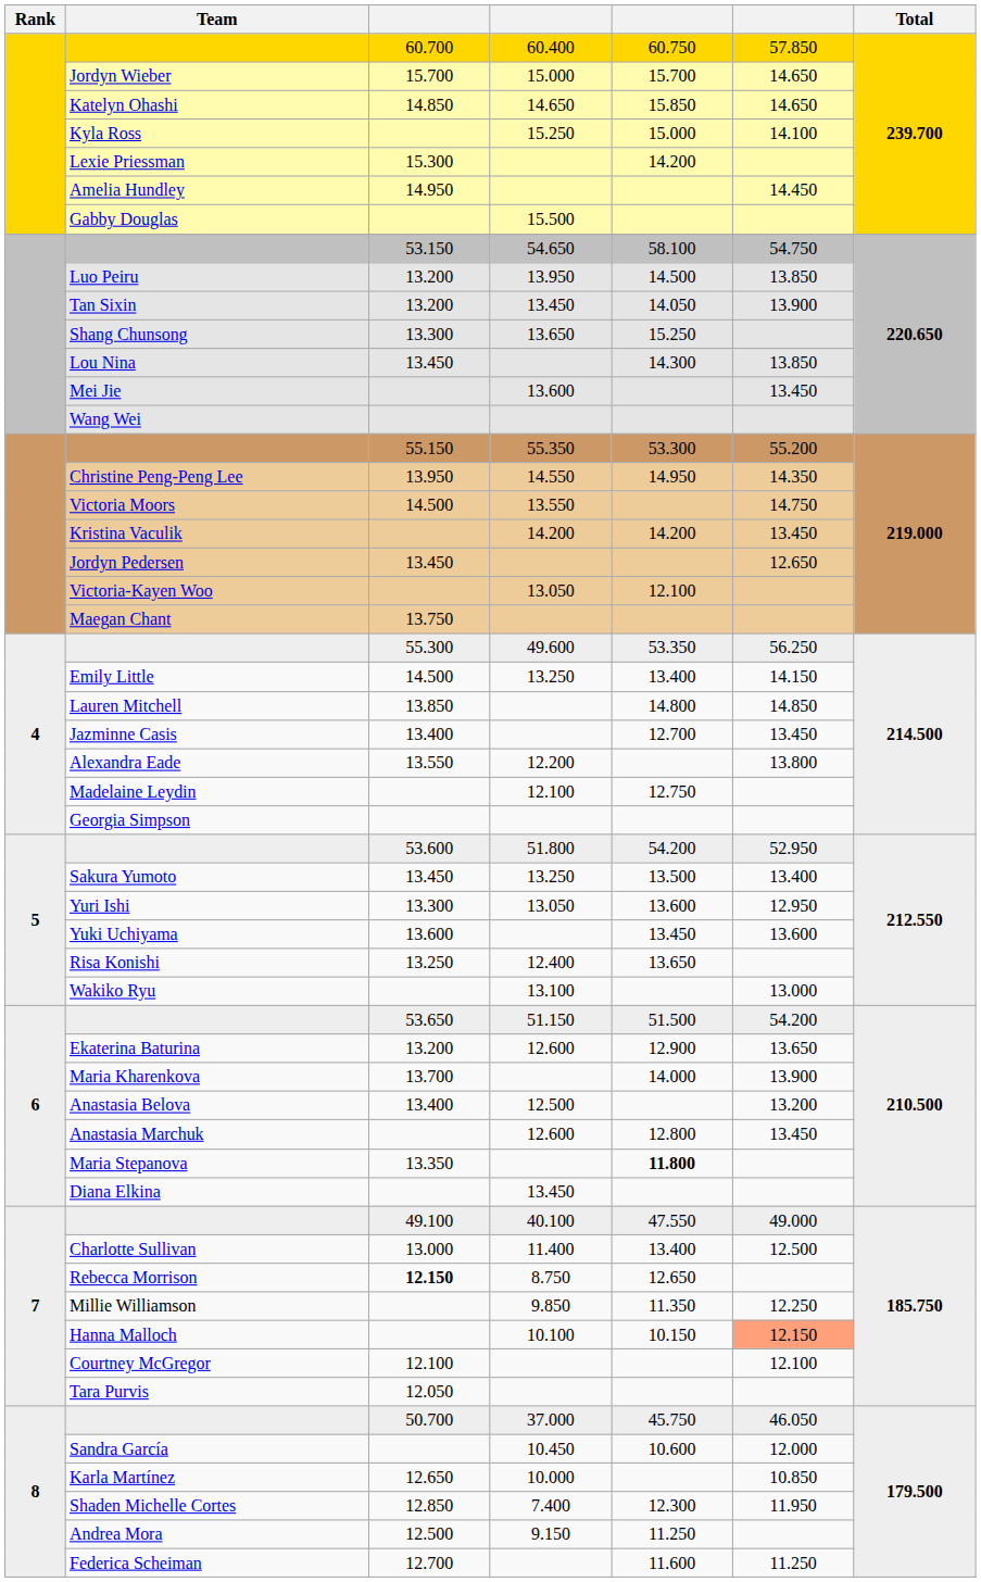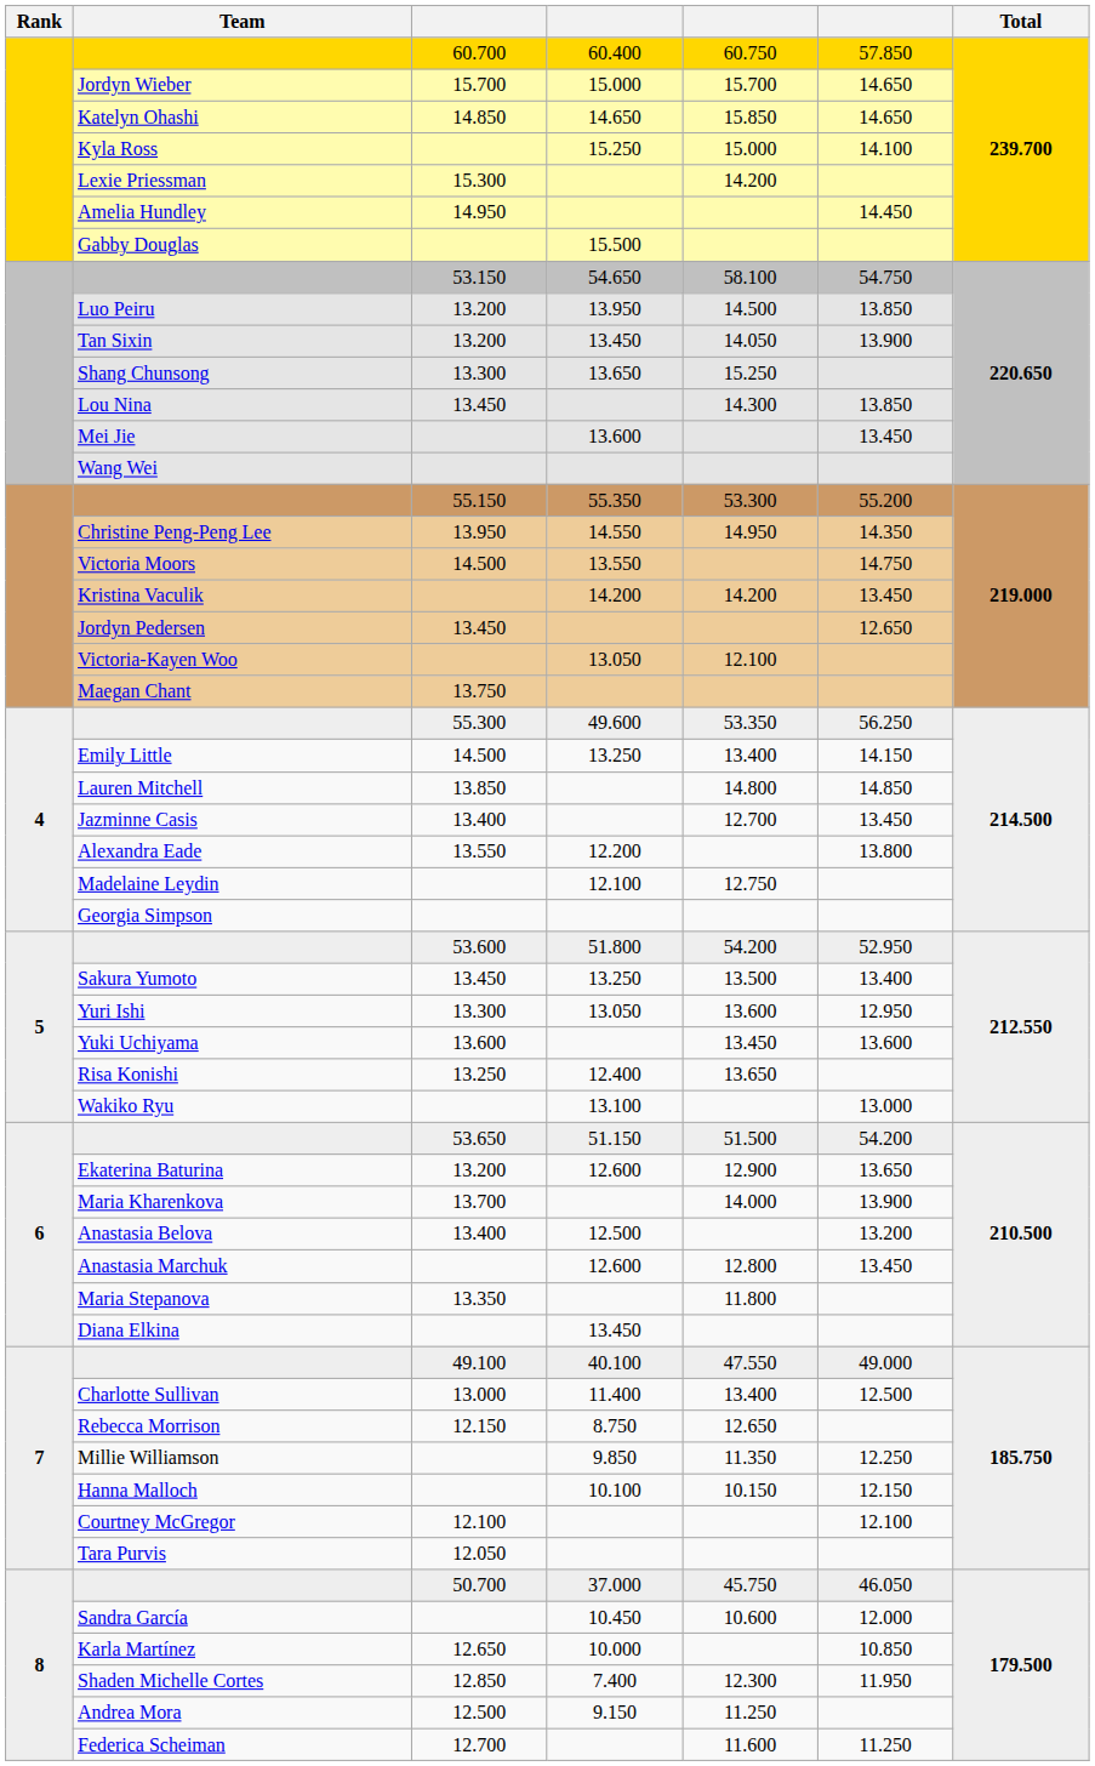 <table class="wikitable" style="text-align:center; font-size:95%">
 <tr>
 <th width="5%">Rank</th>
 <th width="25%">Team</th>
 <th width="10%"></th>
 <th width="10%"></th>
 <th width="10%"></th>
 <th width="10%"></th>
 <th width="10%">Total</th>
 </tr>
 <tr bgcolor=gold>
 <td rowspan=7></td>
 <td align="left"><strong></strong></td>
 <td>60.700</td>
 <td>60.400</td>
 <td>60.750</td>
 <td>57.850</td>
 <td rowspan=7><strong>239.700</strong></td>
 </tr>
 <tr bgcolor=fffcaf>
 <td align="left"><a href='#'>Jordyn Wieber</a></td>
 <td>15.700</td>
 <td>15.000</td>
 <td>15.700</td>
 <td>14.650</td>
 </tr>
 <tr bgcolor=fffcaf>
 <td align="left"><a href='#'>Katelyn Ohashi</a></td>
 <td>14.850</td>
 <td>14.650</td>
 <td>15.850</td>
 <td>14.650</td>
 </tr>
 <tr bgcolor=fffcaf>
 <td align="left"><a href='#'>Kyla Ross</a></td>
 <td></td>
 <td>15.250</td>
 <td>15.000</td>
 <td>14.100</td>
 </tr>
 <tr bgcolor=fffcaf>
 <td align="left"><a href='#'>Lexie Priessman</a></td>
 <td>15.300</td>
 <td></td>
 <td>14.200</td>
 <td></td>
 </tr>
 <tr bgcolor=fffcaf>
 <td align="left"><a href='#'>Amelia Hundley</a></td>
 <td>14.950</td>
 <td></td>
 <td></td>
 <td>14.450</td>
 </tr>
 <tr bgcolor=fffcaf>
 <td align="left"><a href='#'>Gabby Douglas</a></td>
 <td></td>
 <td>15.500</td>
 <td></td>
 <td></td>
 </tr>
 <tr bgcolor=silver>
 <td rowspan=7></td>
 <td align="left"><strong></strong></td>
 <td>53.150</td>
 <td>54.650</td>
 <td>58.100</td>
 <td>54.750</td>
 <td rowspan=7><strong>220.650</strong></td>
 </tr>
 <tr bgcolor=e5e5e5>
 <td align="left"><a href='#'>Luo Peiru</a></td>
 <td>13.200</td>
 <td>13.950</td>
 <td>14.500</td>
 <td>13.850</td>
 </tr>
 <tr bgcolor=e5e5e5>
 <td align="left"><a href='#'>Tan Sixin</a></td>
 <td>13.200</td>
 <td>13.450</td>
 <td>14.050</td>
 <td>13.900</td>
 </tr>
 <tr bgcolor=e5e5e5>
 <td align="left"><a href='#'>Shang Chunsong</a></td>
 <td>13.300</td>
 <td>13.650</td>
 <td>15.250</td>
 <td></td>
 </tr>
 <tr bgcolor=e5e5e5>
 <td align="left"><a href='#'>Lou Nina</a></td>
 <td>13.450</td>
 <td></td>
 <td>14.300</td>
 <td>13.850</td>
 </tr>
 <tr bgcolor=e5e5e5>
 <td align="left"><a href='#'>Mei Jie</a></td>
 <td></td>
 <td>13.600</td>
 <td></td>
 <td>13.450</td>
 </tr>
 <tr bgcolor=e5e5e5>
 <td align="left"><a href='#'>Wang Wei</a></td>
 <td></td>
 <td></td>
 <td></td>
 <td></td>
 </tr>
 <tr bgcolor=cc9966>
 <td rowspan=7></td>
 <td align="left"><strong></strong></td>
 <td>55.150</td>
 <td>55.350</td>
 <td>53.300</td>
 <td>55.200</td>
 <td rowspan=7><strong>219.000</strong></td>
 </tr>
 <tr bgcolor=eecc99>
 <td align="left"><a href='#'>Christine Peng-Peng Lee</a></td>
 <td>13.950</td>
 <td>14.550</td>
 <td>14.950</td>
 <td>14.350</td>
 </tr>
 <tr bgcolor=eecc99>
 <td align="left"><a href='#'>Victoria Moors</a></td>
 <td>14.500</td>
 <td>13.550</td>
 <td></td>
 <td>14.750</td>
 </tr>
 <tr bgcolor=eecc99>
 <td align="left"><a href='#'>Kristina Vaculik</a></td>
 <td></td>
 <td>14.200</td>
 <td>14.200</td>
 <td>13.450</td>
 </tr>
 <tr bgcolor=eecc99>
 <td align="left"><a href='#'>Jordyn Pedersen</a></td>
 <td>13.450</td>
 <td></td>
 <td></td>
 <td>12.650</td>
 </tr>
 <tr bgcolor=eecc99>
 <td align="left"><a href='#'>Victoria-Kayen Woo</a></td>
 <td></td>
 <td>13.050</td>
 <td>12.100</td>
 <td></td>
 </tr>
 <tr bgcolor=eecc99>
 <td align="left"><a href='#'>Maegan Chant</a></td>
 <td>13.750</td>
 <td></td>
 <td></td>
 <td></td>
 </tr>
 <tr bgcolor=eeeeee>
 <td rowspan=7><strong>4</strong></td>
 <td align="left"><strong></strong></td>
 <td>55.300</td>
 <td>49.600</td>
 <td>53.350</td>
 <td>56.250</td>
 <td rowspan=7><strong>214.500</strong></td>
 </tr>
 <tr>
 <td align="left"><a href='#'>Emily Little</a></td>
 <td>14.500</td>
 <td>13.250</td>
 <td>13.400</td>
 <td>14.150</td>
 </tr>
 <tr>
 <td align="left"><a href='#'>Lauren Mitchell</a></td>
 <td>13.850</td>
 <td></td>
 <td>14.800</td>
 <td>14.850</td>
 </tr>
 <tr>
 <td align="left"><a href='#'>Jazminne Casis</a></td>
 <td>13.400</td>
 <td></td>
 <td>12.700</td>
 <td>13.450</td>
 </tr>
 <tr>
 <td align="left"><a href='#'>Alexandra Eade</a></td>
 <td>13.550</td>
 <td>12.200</td>
 <td></td>
 <td>13.800</td>
 </tr>
 <tr>
 <td align="left"><a href='#'>Madelaine Leydin</a></td>
 <td></td>
 <td>12.100</td>
 <td>12.750</td>
 <td></td>
 </tr>
 <tr>
 <td align="left"><a href='#'>Georgia Simpson</a></td>
 <td></td>
 <td></td>
 <td></td>
 <td></td>
 </tr>
 <tr bgcolor=eeeeee>
 <td rowspan=6><strong>5</strong></td>
 <td align="left"><strong></strong></td>
 <td>53.600</td>
 <td>51.800</td>
 <td>54.200</td>
 <td>52.950</td>
 <td rowspan=6><strong>212.550</strong></td>
 </tr>
 <tr>
 <td align="left"><a href='#'>Sakura Yumoto</a></td>
 <td>13.450</td>
 <td>13.250</td>
 <td>13.500</td>
 <td>13.400</td>
 </tr>
 <tr>
 <td align="left"><a href='#'>Yuri Ishi</a></td>
 <td>13.300</td>
 <td>13.050</td>
 <td>13.600</td>
 <td>12.950</td>
 </tr>
 <tr>
 <td align="left"><a href='#'>Yuki Uchiyama</a></td>
 <td>13.600</td>
 <td></td>
 <td>13.450</td>
 <td>13.600</td>
 </tr>
 <tr>
 <td align="left"><a href='#'>Risa Konishi</a></td>
 <td>13.250</td>
 <td>12.400</td>
 <td>13.650</td>
 <td></td>
 </tr>
 <tr>
 <td align="left"><a href='#'>Wakiko Ryu</a></td>
 <td></td>
 <td>13.100</td>
 <td></td>
 <td>13.000</td>
 </tr>
 <tr bgcolor=eeeeee>
 <td rowspan=7><strong>6</strong></td>
 <td align="left"><strong></strong></td>
 <td>53.650</td>
 <td>51.150</td>
 <td>51.500</td>
 <td>54.200</td>
 <td rowspan=7><strong>210.500</strong></td>
 </tr>
 <tr>
 <td align="left"><a href='#'>Ekaterina Baturina</a></td>
 <td>13.200</td>
 <td>12.600</td>
 <td>12.900</td>
 <td>13.650</td>
 </tr>
 <tr>
 <td align="left"><a href='#'>Maria Kharenkova</a></td>
 <td>13.700</td>
 <td></td>
 <td>14.000</td>
 <td>13.900</td>
 </tr>
 <tr>
 <td align="left"><a href='#'>Anastasia Belova</a></td>
 <td>13.400</td>
 <td>12.500</td>
 <td></td>
 <td>13.200</td>
 </tr>
 <tr>
 <td align="left"><a href='#'>Anastasia Marchuk</a></td>
 <td></td>
 <td>12.600</td>
 <td>12.800</td>
 <td>13.450</td>
 </tr>
 <tr>
 <td align="left"><a href='#'>Maria Stepanova</a></td>
 <td>13.350</td>
 <td></td>
-<td><strong>11.800</strong></td>
+<td>11.800</td>
 <td></td>
 </tr>
 <tr>
 <td align="left"><a href='#'>Diana Elkina</a></td>
 <td></td>
 <td>13.450</td>
 <td></td>
 <td></td>
 </tr>
 <tr bgcolor=eeeeee>
 <td rowspan=7><strong>7</strong></td>
 <td align="left"><strong></strong></td>
 <td>49.100</td>
 <td>40.100</td>
 <td>47.550</td>
 <td>49.000</td>
 <td rowspan=7><strong>185.750</strong></td>
 </tr>
 <tr>
 <td align="left"><a href='#'>Charlotte Sullivan</a></td>
 <td>13.000</td>
 <td>11.400</td>
 <td>13.400</td>
 <td>12.500</td>
 </tr>
 <tr>
 <td align="left"><a href='#'>Rebecca Morrison</a></td>
-<td><strong>12.150</strong></td>
+<td>12.150</td>
 <td>8.750</td>
 <td>12.650</td>
 <td></td>
 </tr>
 <tr>
 <td align="left">Millie Williamson</td>
 <td></td>
 <td>9.850</td>
 <td>11.350</td>
 <td>12.250</td>
 </tr>
 <tr>
 <td align="left"><a href='#'>Hanna Malloch</a></td>
 <td></td>
 <td>10.100</td>
 <td>10.150</td>
-<td style="background: lightsalmon;">12.150</td>
+<td>12.150</td>
 </tr>
 <tr>
 <td align="left"><a href='#'>Courtney McGregor</a></td>
 <td>12.100</td>
 <td></td>
 <td></td>
 <td>12.100</td>
 </tr>
 <tr>
 <td align="left"><a href='#'>Tara Purvis</a></td>
 <td>12.050</td>
 <td></td>
 <td></td>
 <td></td>
 </tr>
 <tr bgcolor=eeeeee>
 <td rowspan=6><strong>8</strong></td>
 <td align="left"><strong></strong></td>
 <td>50.700</td>
 <td>37.000</td>
 <td>45.750</td>
 <td>46.050</td>
 <td rowspan=6><strong>179.500</strong></td>
 </tr>
 <tr>
 <td align="left"><a href='#'>Sandra García</a></td>
 <td></td>
 <td>10.450</td>
 <td>10.600</td>
 <td>12.000</td>
 </tr>
 <tr>
 <td align="left"><a href='#'>Karla Martínez</a></td>
 <td>12.650</td>
 <td>10.000</td>
 <td></td>
 <td>10.850</td>
 </tr>
 <tr>
 <td align="left"><a href='#'>Shaden Michelle Cortes</a></td>
 <td>12.850</td>
 <td>7.400</td>
 <td>12.300</td>
 <td>11.950</td>
 </tr>
 <tr>
 <td align="left"><a href='#'>Andrea Mora</a></td>
 <td>12.500</td>
 <td>9.150</td>
 <td>11.250</td>
 <td></td>
 </tr>
 <tr>
 <td align="left"><a href='#'>Federica Scheiman</a></td>
 <td>12.700</td>
 <td></td>
 <td>11.600</td>
 <td>11.250</td>
 </tr>
 </table>
